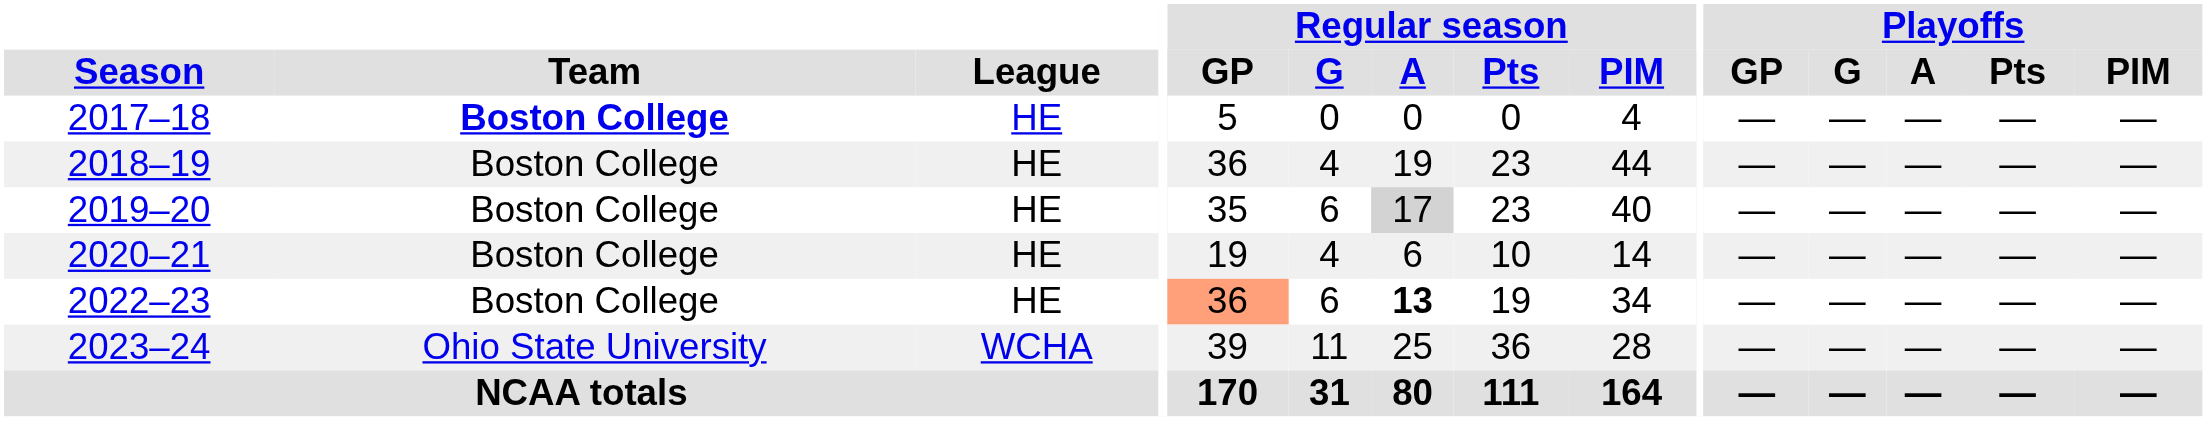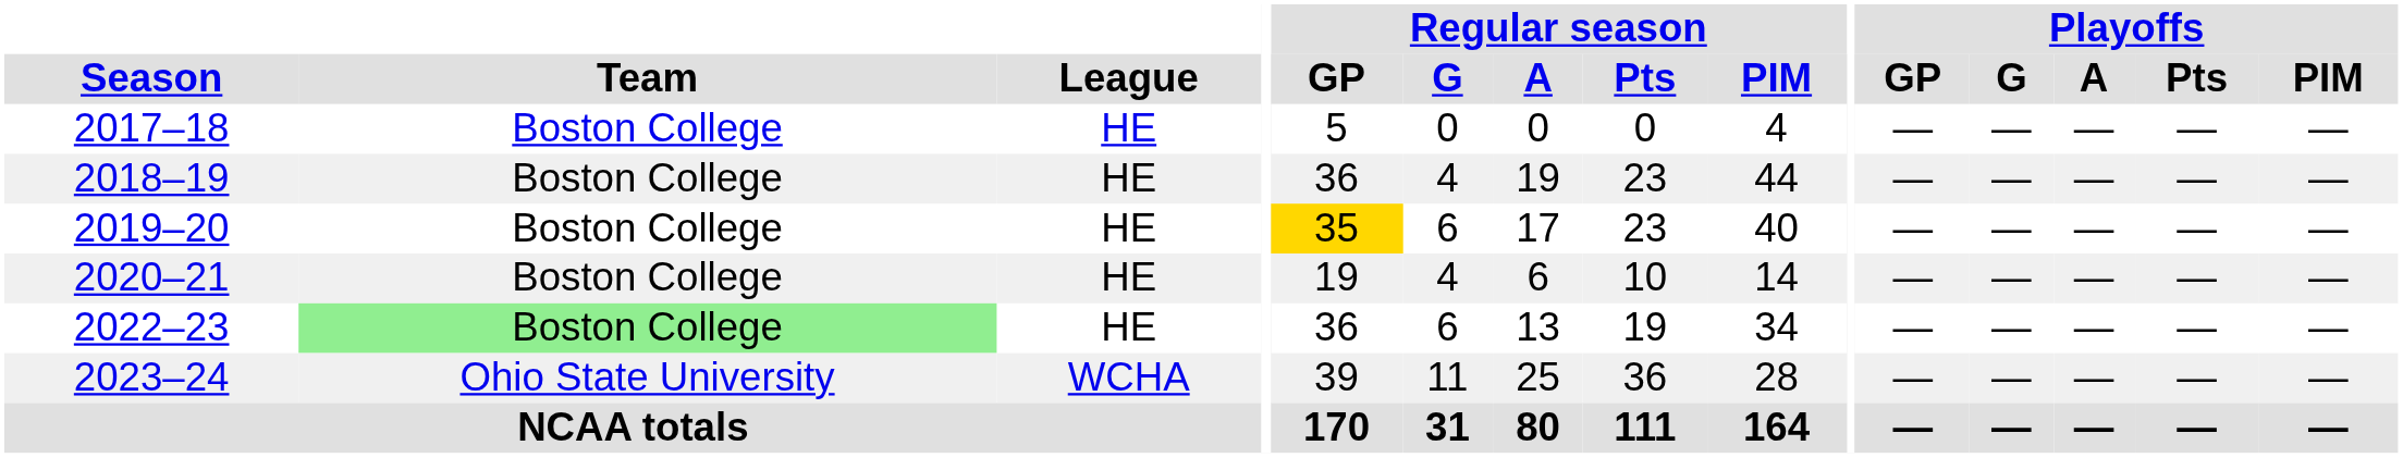 <table border="0" cellpadding="1" cellspacing="0" style="text-align:center; width:60em">
 <tr bgcolor="#e0e0e0">
 <th colspan="3" bgcolor="#ffffff"></th>
 <th rowspan="99" bgcolor="#ffffff"></th>
 <th colspan="5"><a href='#'>Regular season</a></th>
 <th rowspan="99" bgcolor="#ffffff"></th>
 <th colspan="5"><a href='#'>Playoffs</a></th>
 </tr>
 <tr bgcolor="#e0e0e0">
 <th><a href='#'>Season</a></th>
 <th>Team</th>
 <th>League</th>
 <th>GP</th>
 <th><a href='#'>G</a></th>
 <th><a href='#'>A</a></th>
 <th><a href='#'>Pts</a></th>
 <th><a href='#'>PIM</a></th>
 <th>GP</th>
 <th>G</th>
 <th>A</th>
 <th>Pts</th>
 <th>PIM</th>
 </tr>
 <tr>
 <td><a href='#'>2017–18</a></td>
-<td><strong><a href='#'>Boston College</a></strong></td>
+<td><a href='#'>Boston College</a></td>
 <td><a href='#'>HE</a></td>
 <td>5</td>
 <td>0</td>
 <td>0</td>
 <td>0</td>
 <td>4</td>
 <td>—</td>
 <td>—</td>
 <td>—</td>
 <td>—</td>
 <td>—</td>
 </tr>
 <tr bgcolor="#f0f0f0">
 <td><a href='#'>2018–19</a></td>
 <td>Boston College</td>
 <td>HE</td>
 <td>36</td>
 <td>4</td>
 <td>19</td>
 <td>23</td>
 <td>44</td>
 <td>—</td>
 <td>—</td>
 <td>—</td>
 <td>—</td>
 <td>—</td>
 </tr>
 <tr>
 <td><a href='#'>2019–20</a></td>
 <td>Boston College</td>
 <td>HE</td>
-<td>35</td>
+<td style="background: gold;">35</td>
 <td>6</td>
-<td style="background: lightgrey;">17</td>
+<td>17</td>
 <td>23</td>
 <td>40</td>
 <td>—</td>
 <td>—</td>
 <td>—</td>
 <td>—</td>
 <td>—</td>
 </tr>
 <tr bgcolor="#f0f0f0">
 <td><a href='#'>2020–21</a></td>
 <td>Boston College</td>
 <td>HE</td>
 <td>19</td>
 <td>4</td>
 <td>6</td>
 <td>10</td>
 <td>14</td>
 <td>—</td>
 <td>—</td>
 <td>—</td>
 <td>—</td>
 <td>—</td>
 </tr>
 <tr>
 <td><a href='#'>2022–23</a></td>
-<td>Boston College</td>
+<td style="background: lightgreen;">Boston College</td>
 <td>HE</td>
-<td style="background: lightsalmon;">36</td>
+<td>36</td>
 <td>6</td>
-<td><strong>13</strong></td>
+<td>13</td>
 <td>19</td>
 <td>34</td>
 <td>—</td>
 <td>—</td>
 <td>—</td>
 <td>—</td>
 <td>—</td>
 </tr>
 <tr bgcolor="f0f0f0">
 <td><a href='#'>2023–24</a></td>
 <td><a href='#'>Ohio State University</a></td>
 <td><a href='#'>WCHA</a></td>
 <td>39</td>
 <td>11</td>
 <td>25</td>
 <td>36</td>
 <td>28</td>
 <td>—</td>
 <td>—</td>
 <td>—</td>
 <td>—</td>
 <td>—</td>
 </tr>
 <tr bgcolor="#e0e0e0">
 <th colspan="3">NCAA totals</th>
 <th>170</th>
 <th>31</th>
 <th>80</th>
 <th>111</th>
 <th>164</th>
 <th>—</th>
 <th>—</th>
 <th>—</th>
 <th>—</th>
 <th>—</th>
 </tr>
 </table>
